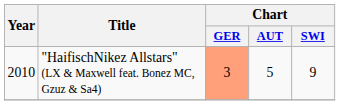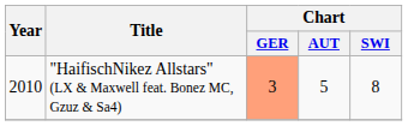 <table class="wikitable">
 <tr>
 <th width="28" rowspan="2">Year</th>
 <th width="187" rowspan="2">Title</th>
 <th colspan="3">Chart</th>
 </tr>
 <tr>
 <th scope="col" style="width:3em;font-size:90%;"><a href='#'>GER</a><br></th>
 <th scope="col" style="width:3em;font-size:90%;"><a href='#'>AUT</a><br></th>
 <th scope="col" style="width:3em;font-size:90%;"><a href='#'>SWI</a><br></th>
 </tr>
 <tr>
 <td>2010</td>
 <td>"HaifischNikez Allstars"<br><small>(LX & Maxwell feat. Bonez MC, Gzuz & Sa4)</small></td>
 <td align="center" style="background: lightsalmon;">3</td>
 <td align="center">5</td>
-<td align="center">9</td>
+<td align="center">8</td>
 </tr>
 <tr>
 </tr>
 </table>
